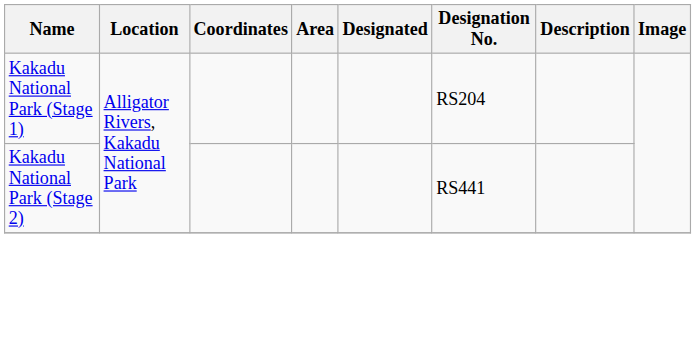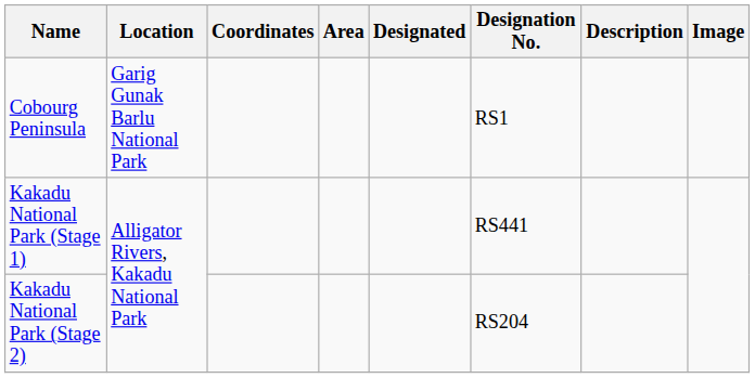 <table class="wikitable sortable">
 <tr>
 <th style="background-color:">Name</th>
 <th style="background-color:">Location</th>
 <th style="background-color:">Coordinates</th>
 <th style="background-color:">Area</th>
 <th style="background-color:">Designated</th>
 <th style="background-color:">Designation No.</th>
 <th style="background-color:">Description</th>
 <th style="background-color:">Image</th>
 </tr>
 <tr>
+<td><a href='#'>Cobourg Peninsula</a></td>
+<td><a href='#'>Garig Gunak Barlu National Park</a></td>
+<td></td>
+<td></td>
+<td></td>
+<td>RS1</td>
+<td></td>
+<td></td>
+</tr>
+<tr>
 <td><a href='#'>Kakadu National Park (Stage 1)</a></td>
 <td rowspan=2><a href='#'>Alligator Rivers</a>,<br><a href='#'>Kakadu National Park</a></td>
 <td></td>
 <td></td>
 <td></td>
-<td>RS204</td>
+<td>RS441</td>
 <td></td>
 <td rowspan=2></td>
 </tr>
 <tr>
 <td><a href='#'>Kakadu National Park (Stage 2)</a></td>
 <td></td>
 <td></td>
 <td></td>
-<td>RS441</td>
+<td>RS204</td>
 <td></td>
 </tr>
 <tr>
 </tr>
 </table>
